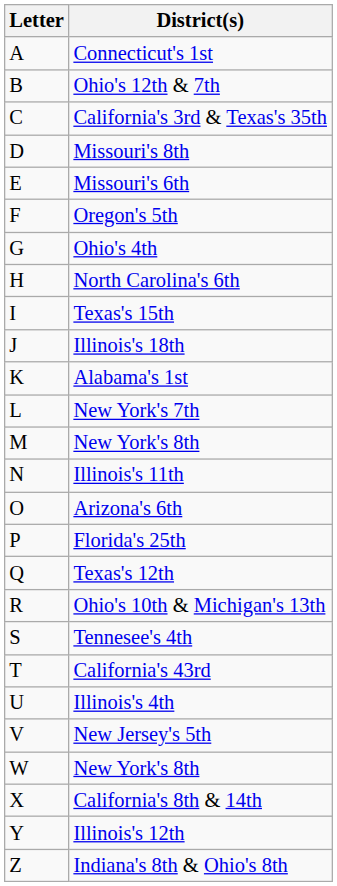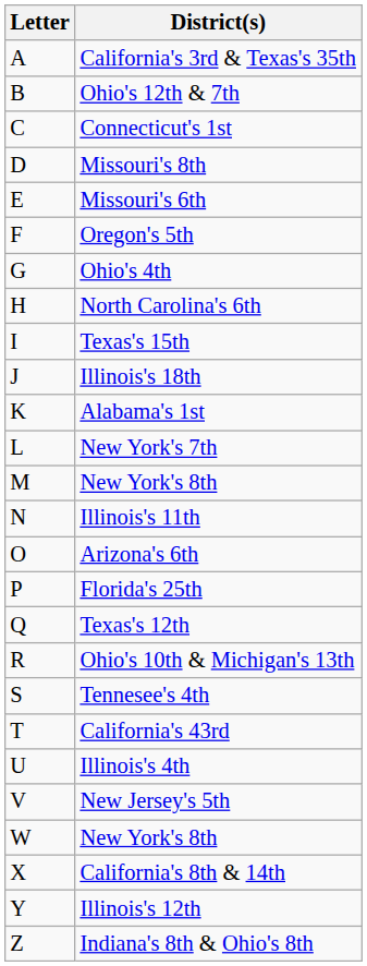 <table class="wikitable">
 <tr>
 <th>Letter</th>
 <th>District(s)</th>
 </tr>
 <tr>
 <td>A</td>
-<td><a href='#'>Connecticut's 1st</a></td>
+<td><a href='#'>California's 3rd</a> & <a href='#'>Texas's 35th</a></td>
 </tr>
 <tr>
 <td>B</td>
 <td><a href='#'>Ohio's 12th</a> & <a href='#'>7th</a></td>
 </tr>
 <tr>
 <td>C</td>
-<td><a href='#'>California's 3rd</a> & <a href='#'>Texas's 35th</a></td>
+<td><a href='#'>Connecticut's 1st</a></td>
 </tr>
 <tr>
 <td>D</td>
 <td><a href='#'>Missouri's 8th</a></td>
 </tr>
 <tr>
 <td>E</td>
 <td><a href='#'>Missouri's 6th</a></td>
 </tr>
 <tr>
 <td>F</td>
 <td><a href='#'>Oregon's 5th</a></td>
 </tr>
 <tr>
 <td>G</td>
 <td><a href='#'>Ohio's 4th</a></td>
 </tr>
 <tr>
 <td>H</td>
 <td><a href='#'>North Carolina's 6th</a></td>
 </tr>
 <tr>
 <td>I</td>
 <td><a href='#'>Texas's 15th</a></td>
 </tr>
 <tr>
 <td>J</td>
 <td><a href='#'>Illinois's 18th</a></td>
 </tr>
 <tr>
 <td>K</td>
 <td><a href='#'>Alabama's 1st</a></td>
 </tr>
 <tr>
 <td>L</td>
 <td><a href='#'>New York's 7th</a></td>
 </tr>
 <tr>
 <td>M</td>
 <td><a href='#'>New York's 8th</a></td>
 </tr>
 <tr>
 <td>N</td>
 <td><a href='#'>Illinois's 11th</a></td>
 </tr>
 <tr>
 <td>O</td>
 <td><a href='#'>Arizona's 6th</a></td>
 </tr>
 <tr>
 <td>P</td>
 <td><a href='#'>Florida's 25th</a></td>
 </tr>
 <tr>
 <td>Q</td>
 <td><a href='#'>Texas's 12th</a></td>
 </tr>
 <tr>
 <td>R</td>
 <td><a href='#'>Ohio's 10th</a> & <a href='#'>Michigan's 13th</a></td>
 </tr>
 <tr>
 <td>S</td>
 <td><a href='#'>Tennesee's 4th</a></td>
 </tr>
 <tr>
 <td>T</td>
 <td><a href='#'>California's 43rd</a></td>
 </tr>
 <tr>
 <td>U</td>
 <td><a href='#'>Illinois's 4th</a></td>
 </tr>
 <tr>
 <td>V</td>
 <td><a href='#'>New Jersey's 5th</a></td>
 </tr>
 <tr>
 <td>W</td>
 <td><a href='#'>New York's 8th</a></td>
 </tr>
 <tr>
 <td>X</td>
 <td><a href='#'>California's 8th</a> & <a href='#'>14th</a></td>
 </tr>
 <tr>
 <td>Y</td>
 <td><a href='#'>Illinois's 12th</a></td>
 </tr>
 <tr>
 <td>Z</td>
 <td><a href='#'>Indiana's 8th</a> & <a href='#'>Ohio's 8th</a></td>
 </tr>
 </table>
